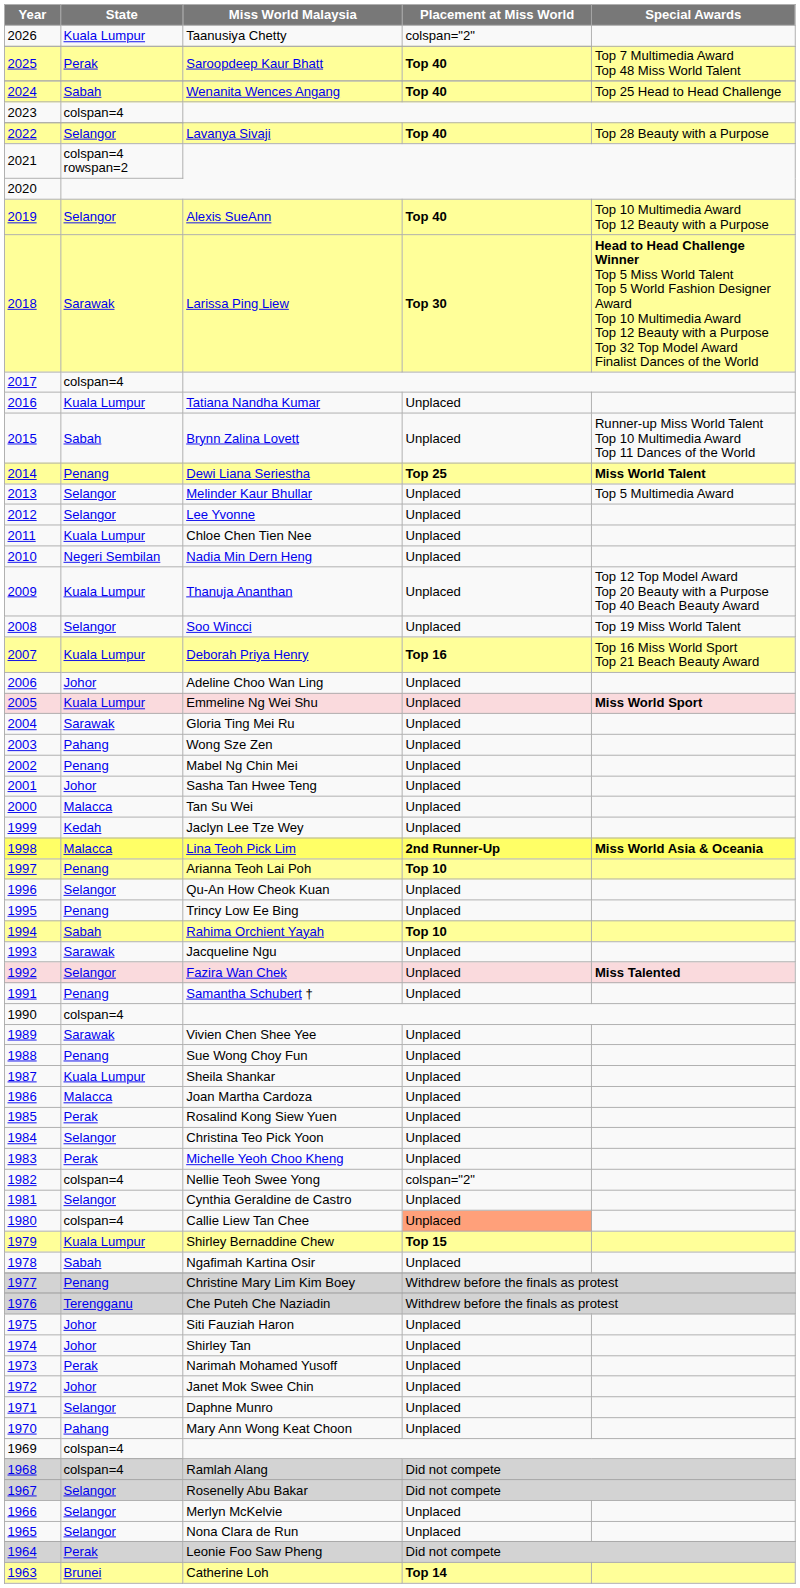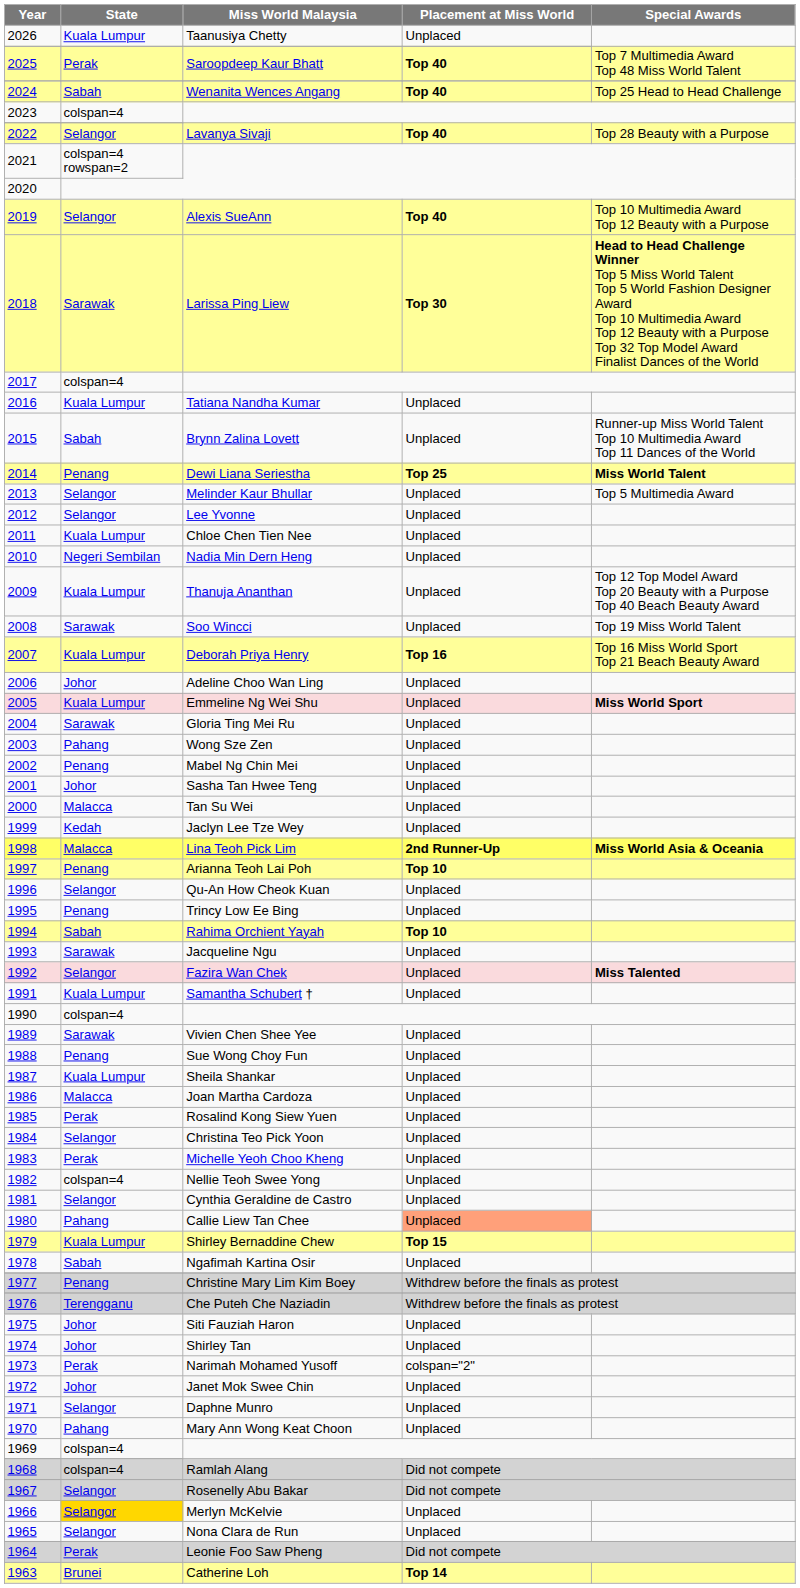 <table class="wikitable" style="font-size: 90%;text-align:left">
 <tr>
 <th width="60" style="background-color:#787878;color:#FFFFFF;">Year</th>
 <th width="140" style="background-color:#787878;color:#FFFFFF;">State</th>
 <th width="270" style="background-color:#787878;color:#FFFFFF;">Miss World Malaysia</th>
 <th width="230" style="background-color:#787878;color:#FFFFFF;">Placement at Miss World</th>
 <th width="250" style="background-color:#787878;color:#FFFFFF;">Special Awards</th>
 </tr>
 <tr>
 <td>2026</td>
 <td><a href='#'>Kuala Lumpur</a></td>
 <td>Taanusiya Chetty</td>
-<td>colspan="2" </td>
+<td>Unplaced</td>
 </tr>
 <tr>
 </tr>
 <tr style="background-color:#FFFF99;">
 <td><a href='#'>2025</a></td>
 <td><a href='#'>Perak</a></td>
 <td><a href='#'>Saroopdeep Kaur Bhatt</a></td>
 <td><strong>Top 40</strong></td>
 <td>Top 7 Multimedia Award<br>Top 48 Miss World Talent</td>
 </tr>
 <tr>
 </tr>
 <tr style="background-color:#FFFF99;">
 <td><a href='#'>2024</a></td>
 <td><a href='#'>Sabah</a></td>
 <td><a href='#'>Wenanita Wences Angang</a></td>
 <td><strong>Top 40</strong></td>
 <td>Top 25 Head to Head Challenge</td>
 </tr>
 <tr>
 <td>2023</td>
 <td>colspan=4 </td>
 </tr>
 <tr>
 </tr>
 <tr style="background-color:#FFFF99;">
 <td><a href='#'>2022</a></td>
 <td><a href='#'>Selangor</a></td>
 <td><a href='#'>Lavanya Sivaji</a></td>
 <td><strong>Top 40</strong></td>
 <td>Top 28 Beauty with a Purpose</td>
 </tr>
 <tr>
 <td>2021</td>
 <td>colspan=4 rowspan=2 </td>
 </tr>
 <tr>
 <td>2020</td>
 </tr>
 <tr style="background-color:#FFFF99;">
 <td><a href='#'>2019</a></td>
 <td><a href='#'>Selangor</a></td>
 <td><a href='#'>Alexis SueAnn</a></td>
 <td><strong>Top 40</strong></td>
 <td>Top 10 Multimedia Award<br>Top 12 Beauty with a Purpose</td>
 </tr>
 <tr style="background-color:#FFFF99;">
 <td><a href='#'>2018</a></td>
 <td><a href='#'>Sarawak</a></td>
 <td><a href='#'>Larissa Ping Liew</a></td>
 <td><strong>Top 30</strong></td>
 <td><strong>Head to Head Challenge Winner</strong><br>Top 5 Miss World Talent<br>Top 5 World Fashion Designer Award<br>Top 10 Multimedia Award<br>Top 12 Beauty with a Purpose<br>Top 32 Top Model Award<br>Finalist Dances of the World</td>
 </tr>
 <tr>
 <td><a href='#'>2017</a></td>
 <td>colspan=4 </td>
 </tr>
 <tr>
 <td><a href='#'>2016</a></td>
 <td><a href='#'>Kuala Lumpur</a></td>
 <td><a href='#'>Tatiana Nandha Kumar</a></td>
 <td>Unplaced</td>
 <td></td>
 </tr>
 <tr>
 <td><a href='#'>2015</a></td>
 <td><a href='#'>Sabah</a></td>
 <td><a href='#'>Brynn Zalina Lovett</a></td>
 <td>Unplaced</td>
 <td>Runner-up Miss World Talent<br>Top 10 Multimedia Award<br>Top 11 Dances of the World</td>
 </tr>
 <tr style="background-color:#FFFF99;">
 <td><a href='#'>2014</a></td>
 <td><a href='#'>Penang</a></td>
 <td><a href='#'>Dewi Liana Seriestha</a></td>
 <td><strong>Top 25</strong></td>
 <td><strong>Miss World Talent</strong></td>
 </tr>
 <tr>
 <td><a href='#'>2013</a></td>
 <td><a href='#'>Selangor</a></td>
 <td><a href='#'>Melinder Kaur Bhullar</a></td>
 <td>Unplaced</td>
 <td>Top 5 Multimedia Award</td>
 </tr>
 <tr>
 <td><a href='#'>2012</a></td>
 <td><a href='#'>Selangor</a></td>
 <td><a href='#'>Lee Yvonne</a></td>
 <td>Unplaced</td>
 <td></td>
 </tr>
 <tr>
 <td><a href='#'>2011</a></td>
 <td><a href='#'>Kuala Lumpur</a></td>
 <td>Chloe Chen Tien Nee</td>
 <td>Unplaced</td>
 <td></td>
 </tr>
 <tr>
 <td><a href='#'>2010</a></td>
 <td><a href='#'>Negeri Sembilan</a></td>
 <td><a href='#'>Nadia Min Dern Heng</a></td>
 <td>Unplaced</td>
 <td></td>
 </tr>
 <tr>
 <td><a href='#'>2009</a></td>
 <td><a href='#'>Kuala Lumpur</a></td>
 <td><a href='#'>Thanuja Ananthan</a></td>
 <td>Unplaced</td>
 <td>Top 12 Top Model Award<br>Top 20 Beauty with a Purpose<br>Top 40 Beach Beauty Award</td>
 </tr>
 <tr>
 <td><a href='#'>2008</a></td>
-<td><a href='#'>Selangor</a></td>
+<td><a href='#'>Sarawak</a></td>
 <td><a href='#'>Soo Wincci</a></td>
 <td>Unplaced</td>
 <td>Top 19 Miss World Talent</td>
 </tr>
 <tr style="background-color:#FFFF99;">
 <td><a href='#'>2007</a></td>
 <td><a href='#'>Kuala Lumpur</a></td>
 <td><a href='#'>Deborah Priya Henry</a></td>
 <td><strong>Top 16</strong></td>
 <td>Top 16 Miss World Sport<br>Top 21 Beach Beauty Award</td>
 </tr>
 <tr>
 <td><a href='#'>2006</a></td>
 <td><a href='#'>Johor</a></td>
 <td>Adeline Choo Wan Ling</td>
 <td>Unplaced</td>
 <td></td>
 </tr>
 <tr style="background-color:#FADADD;">
 <td><a href='#'>2005</a></td>
 <td><a href='#'>Kuala Lumpur</a></td>
 <td>Emmeline Ng Wei Shu</td>
 <td>Unplaced</td>
 <td><strong>Miss World Sport</strong></td>
 </tr>
 <tr>
 <td><a href='#'>2004</a></td>
 <td><a href='#'>Sarawak</a></td>
 <td>Gloria Ting Mei Ru</td>
 <td>Unplaced</td>
 <td></td>
 </tr>
 <tr>
 <td><a href='#'>2003</a></td>
 <td><a href='#'>Pahang</a></td>
 <td>Wong Sze Zen</td>
 <td>Unplaced</td>
 <td></td>
 </tr>
 <tr>
 <td><a href='#'>2002</a></td>
 <td><a href='#'>Penang</a></td>
 <td>Mabel Ng Chin Mei</td>
 <td>Unplaced</td>
 <td></td>
 </tr>
 <tr>
 <td><a href='#'>2001</a></td>
 <td><a href='#'>Johor</a></td>
 <td>Sasha Tan Hwee Teng</td>
 <td>Unplaced</td>
 <td></td>
 </tr>
 <tr>
 <td><a href='#'>2000</a></td>
 <td><a href='#'>Malacca</a></td>
 <td>Tan Su Wei</td>
 <td>Unplaced</td>
 <td></td>
 </tr>
 <tr>
 <td><a href='#'>1999</a></td>
 <td><a href='#'>Kedah</a></td>
 <td>Jaclyn Lee Tze Wey</td>
 <td>Unplaced</td>
 <td></td>
 </tr>
 <tr style="background-color:#FFFF66;">
 <td><a href='#'>1998</a></td>
 <td><a href='#'>Malacca</a></td>
 <td><a href='#'>Lina Teoh Pick Lim</a></td>
 <td><strong>2nd Runner-Up</strong></td>
 <td><strong>Miss World Asia & Oceania</strong></td>
 </tr>
 <tr style="background-color:#FFFF99;">
 <td><a href='#'>1997</a></td>
 <td><a href='#'>Penang</a></td>
 <td>Arianna Teoh Lai Poh</td>
 <td><strong>Top 10</strong></td>
 <td></td>
 </tr>
 <tr>
 <td><a href='#'>1996</a></td>
 <td><a href='#'>Selangor</a></td>
 <td>Qu-An How Cheok Kuan</td>
 <td>Unplaced</td>
 <td></td>
 </tr>
 <tr>
 <td><a href='#'>1995</a></td>
 <td><a href='#'>Penang</a></td>
 <td>Trincy Low Ee Bing</td>
 <td>Unplaced</td>
 <td></td>
 </tr>
 <tr style="background-color:#FFFF99;">
 <td><a href='#'>1994</a></td>
 <td><a href='#'>Sabah</a></td>
 <td><a href='#'>Rahima Orchient Yayah</a></td>
 <td><strong>Top 10</strong></td>
 <td></td>
 </tr>
 <tr>
 <td><a href='#'>1993</a></td>
 <td><a href='#'>Sarawak</a></td>
 <td>Jacqueline Ngu</td>
 <td>Unplaced</td>
 <td></td>
 </tr>
 <tr style="background-color:#FADADD;">
 <td><a href='#'>1992</a></td>
 <td><a href='#'>Selangor</a></td>
 <td><a href='#'>Fazira Wan Chek</a></td>
 <td>Unplaced</td>
 <td><strong>Miss Talented</strong></td>
 </tr>
 <tr>
 <td><a href='#'>1991</a></td>
-<td><a href='#'>Penang</a></td>
+<td><a href='#'>Kuala Lumpur</a></td>
 <td><a href='#'>Samantha Schubert</a> †</td>
 <td>Unplaced</td>
 <td></td>
 </tr>
 <tr>
 <td>1990</td>
 <td>colspan=4 </td>
 </tr>
 <tr>
 <td><a href='#'>1989</a></td>
 <td><a href='#'>Sarawak</a></td>
 <td>Vivien Chen Shee Yee</td>
 <td>Unplaced</td>
 <td></td>
 </tr>
 <tr>
 <td><a href='#'>1988</a></td>
 <td><a href='#'>Penang</a></td>
 <td>Sue Wong Choy Fun</td>
 <td>Unplaced</td>
 <td></td>
 </tr>
 <tr>
 <td><a href='#'>1987</a></td>
 <td><a href='#'>Kuala Lumpur</a></td>
 <td>Sheila Shankar</td>
 <td>Unplaced</td>
 <td></td>
 </tr>
 <tr>
 <td><a href='#'>1986</a></td>
 <td><a href='#'>Malacca</a></td>
 <td>Joan Martha Cardoza</td>
 <td>Unplaced</td>
 <td></td>
 </tr>
 <tr>
 <td><a href='#'>1985</a></td>
 <td><a href='#'>Perak</a></td>
 <td>Rosalind Kong Siew Yuen</td>
 <td>Unplaced</td>
 <td></td>
 </tr>
 <tr>
 <td><a href='#'>1984</a></td>
 <td><a href='#'>Selangor</a></td>
 <td>Christina Teo Pick Yoon</td>
 <td>Unplaced</td>
 <td></td>
 </tr>
 <tr>
 <td><a href='#'>1983</a></td>
 <td><a href='#'>Perak</a></td>
 <td><a href='#'>Michelle Yeoh Choo Kheng</a></td>
 <td>Unplaced</td>
 <td></td>
 </tr>
 <tr>
 <td><a href='#'>1982</a></td>
 <td>colspan=4 </td>
 <td>Nellie Teoh Swee Yong</td>
-<td>colspan="2" </td>
+<td>Unplaced</td>
 <td></td>
 </tr>
 <tr>
 <td><a href='#'>1981</a></td>
 <td><a href='#'>Selangor</a></td>
 <td>Cynthia Geraldine de Castro</td>
 <td>Unplaced</td>
 <td></td>
 </tr>
 <tr>
 <td><a href='#'>1980</a></td>
-<td>colspan=4 </td>
+<td><a href='#'>Pahang</a></td>
 <td>Callie Liew Tan Chee</td>
 <td style="background: lightsalmon;">Unplaced</td>
 <td></td>
 </tr>
 <tr style="background-color:#FFFF99;">
 <td><a href='#'>1979</a></td>
 <td><a href='#'>Kuala Lumpur</a></td>
 <td>Shirley Bernaddine Chew</td>
 <td><strong>Top 15</strong></td>
 <td></td>
 </tr>
 <tr>
 <td><a href='#'>1978</a></td>
 <td><a href='#'>Sabah</a></td>
 <td>Ngafimah Kartina Osir</td>
 <td>Unplaced</td>
 <td></td>
 </tr>
 <tr>
 </tr>
 <tr style="background-color:lightgray;">
 <td><a href='#'>1977</a></td>
 <td><a href='#'>Penang</a></td>
 <td>Christine Mary Lim Kim Boey</td>
 <td colspan="2">Withdrew before the finals as protest</td>
 </tr>
 <tr>
 </tr>
 <tr style="background-color:lightgray;">
 <td><a href='#'>1976</a></td>
 <td><a href='#'>Terengganu</a></td>
 <td>Che Puteh Che Naziadin</td>
 <td colspan="2">Withdrew before the finals as protest</td>
 </tr>
 <tr>
 <td><a href='#'>1975</a></td>
 <td><a href='#'>Johor</a></td>
 <td>Siti Fauziah Haron</td>
 <td>Unplaced</td>
 <td></td>
 </tr>
 <tr>
 <td><a href='#'>1974</a></td>
 <td><a href='#'>Johor</a></td>
 <td>Shirley Tan</td>
 <td>Unplaced</td>
 <td></td>
 </tr>
 <tr>
 <td><a href='#'>1973</a></td>
 <td><a href='#'>Perak</a></td>
 <td>Narimah Mohamed Yusoff</td>
-<td>Unplaced</td>
+<td>colspan="2" </td>
 <td></td>
 </tr>
 <tr>
 <td><a href='#'>1972</a></td>
 <td><a href='#'>Johor</a></td>
 <td>Janet Mok Swee Chin</td>
 <td>Unplaced</td>
 <td></td>
 </tr>
 <tr>
 <td><a href='#'>1971</a></td>
 <td><a href='#'>Selangor</a></td>
 <td>Daphne Munro</td>
 <td>Unplaced</td>
 <td></td>
 </tr>
 <tr>
 <td><a href='#'>1970</a></td>
 <td><a href='#'>Pahang</a></td>
 <td>Mary Ann Wong Keat Choon</td>
 <td>Unplaced</td>
 <td></td>
 </tr>
 <tr>
 <td>1969</td>
 <td>colspan=4 </td>
 </tr>
 <tr>
 </tr>
 <tr style="background-color:lightgray;">
 <td><a href='#'>1968</a></td>
 <td>colspan=4 </td>
 <td>Ramlah Alang</td>
 <td colspan="2">Did not compete</td>
 </tr>
 <tr>
 </tr>
 <tr style="background-color:lightgray;">
 <td><a href='#'>1967</a></td>
 <td><a href='#'>Selangor</a></td>
 <td>Rosenelly Abu Bakar</td>
 <td colspan="2">Did not compete</td>
 </tr>
 <tr>
 <td><a href='#'>1966</a></td>
-<td><a href='#'>Selangor</a></td>
+<td style="background: gold;"><a href='#'>Selangor</a></td>
 <td>Merlyn McKelvie</td>
 <td>Unplaced</td>
 <td></td>
 </tr>
 <tr>
 <td><a href='#'>1965</a></td>
 <td><a href='#'>Selangor</a></td>
 <td>Nona Clara de Run</td>
 <td>Unplaced</td>
 <td></td>
 </tr>
 <tr>
 </tr>
 <tr style="background-color:lightgray;">
 <td><a href='#'>1964</a></td>
 <td><a href='#'>Perak</a></td>
 <td>Leonie Foo Saw Pheng</td>
 <td colspan="2">Did not compete</td>
 </tr>
 <tr style="background-color:#FFFF99;">
 <td><a href='#'>1963</a></td>
 <td><a href='#'>Brunei</a></td>
 <td>Catherine Loh</td>
 <td><strong>Top 14</strong></td>
 <td></td>
 </tr>
 </table>
